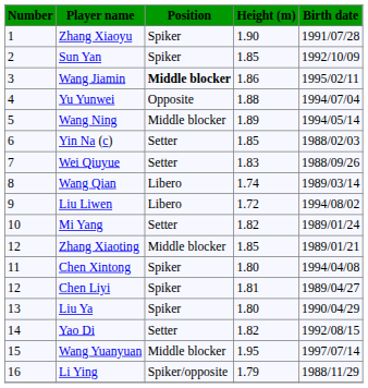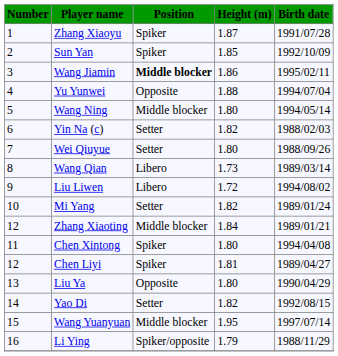 <table bgcolor="#f7f8ff" cellpadding="3" cellspacing="0" border="1" style="font-size: 95%; border: gray solid 1px; border-collapse: collapse;">
 <tr bgcolor="#009900">
 <td align=center><strong>Number</strong></td>
 <td align=center><strong>Player name</strong></td>
 <td align=center><strong>Position</strong></td>
 <td align=center><strong>Height (m)</strong></td>
 <td align=center><strong>Birth date</strong></td>
 </tr>
 <tr align=left>
 <td>1</td>
 <td> <a href='#'>Zhang Xiaoyu</a></td>
 <td>Spiker</td>
-<td>1.90</td>
+<td>1.87</td>
 <td>1991/07/28</td>
 </tr>
 <tr align="left">
 <td>2</td>
 <td> <a href='#'>Sun Yan</a></td>
 <td>Spiker</td>
 <td>1.85</td>
 <td>1992/10/09</td>
 </tr>
 <tr align="left">
 <td>3</td>
 <td> <a href='#'>Wang Jiamin</a></td>
 <td><strong>Middle blocker</strong></td>
 <td>1.86</td>
 <td>1995/02/11</td>
 </tr>
 <tr align="left">
 <td>4</td>
 <td> <a href='#'>Yu Yunwei</a></td>
 <td>Opposite</td>
 <td>1.88</td>
 <td>1994/07/04</td>
 </tr>
 <tr align="left">
 <td>5</td>
 <td> <a href='#'>Wang Ning</a></td>
 <td>Middle blocker</td>
-<td>1.89</td>
+<td>1.80</td>
 <td>1994/05/14</td>
 </tr>
 <tr align="left">
 <td>6</td>
 <td> <a href='#'>Yin Na</a> (<a href='#'>c</a>)</td>
 <td>Setter</td>
-<td>1.85</td>
+<td>1.82</td>
 <td>1988/02/03</td>
 </tr>
 <tr align="left">
 <td>7</td>
 <td> <a href='#'>Wei Qiuyue</a></td>
 <td>Setter</td>
-<td>1.83</td>
+<td>1.80</td>
 <td>1988/09/26</td>
 </tr>
 <tr align="left">
 <td>8</td>
 <td> <a href='#'>Wang Qian</a></td>
 <td>Libero</td>
-<td>1.74</td>
+<td>1.73</td>
 <td>1989/03/14</td>
 </tr>
 <tr align="left">
 <td>9</td>
 <td> <a href='#'>Liu Liwen</a></td>
 <td>Libero</td>
 <td>1.72</td>
 <td>1994/08/02</td>
 </tr>
 <tr align="left">
 <td>10</td>
 <td> <a href='#'>Mi Yang</a></td>
 <td>Setter</td>
 <td>1.82</td>
 <td>1989/01/24</td>
 </tr>
 <tr align="left">
 <td>12</td>
 <td> <a href='#'>Zhang Xiaoting</a></td>
 <td>Middle blocker</td>
-<td>1.85</td>
+<td>1.84</td>
 <td>1989/01/21</td>
 </tr>
 <tr align="left">
 <td>11</td>
 <td> <a href='#'>Chen Xintong</a></td>
 <td>Spiker</td>
 <td>1.80</td>
 <td>1994/04/08</td>
 </tr>
 <tr align="left">
 <td>12</td>
 <td> <a href='#'>Chen Liyi</a></td>
 <td>Spiker</td>
 <td>1.81</td>
 <td>1989/04/27</td>
 </tr>
 <tr align="left">
 <td>13</td>
 <td> <a href='#'>Liu Ya</a></td>
-<td>Spiker</td>
+<td>Opposite</td>
 <td>1.80</td>
 <td>1990/04/29</td>
 </tr>
 <tr align="left">
 <td>14</td>
 <td> <a href='#'>Yao Di</a></td>
 <td>Setter</td>
 <td>1.82</td>
 <td>1992/08/15</td>
 </tr>
 <tr align="left">
 <td>15</td>
 <td> <a href='#'>Wang Yuanyuan</a></td>
 <td>Middle blocker</td>
 <td>1.95</td>
 <td>1997/07/14</td>
 </tr>
 <tr align="left">
 <td>16</td>
 <td> <a href='#'>Li Ying</a></td>
 <td>Spiker/opposite</td>
 <td>1.79</td>
 <td>1988/11/29</td>
 </tr>
 <tr align="left">
 </tr>
 </table>
